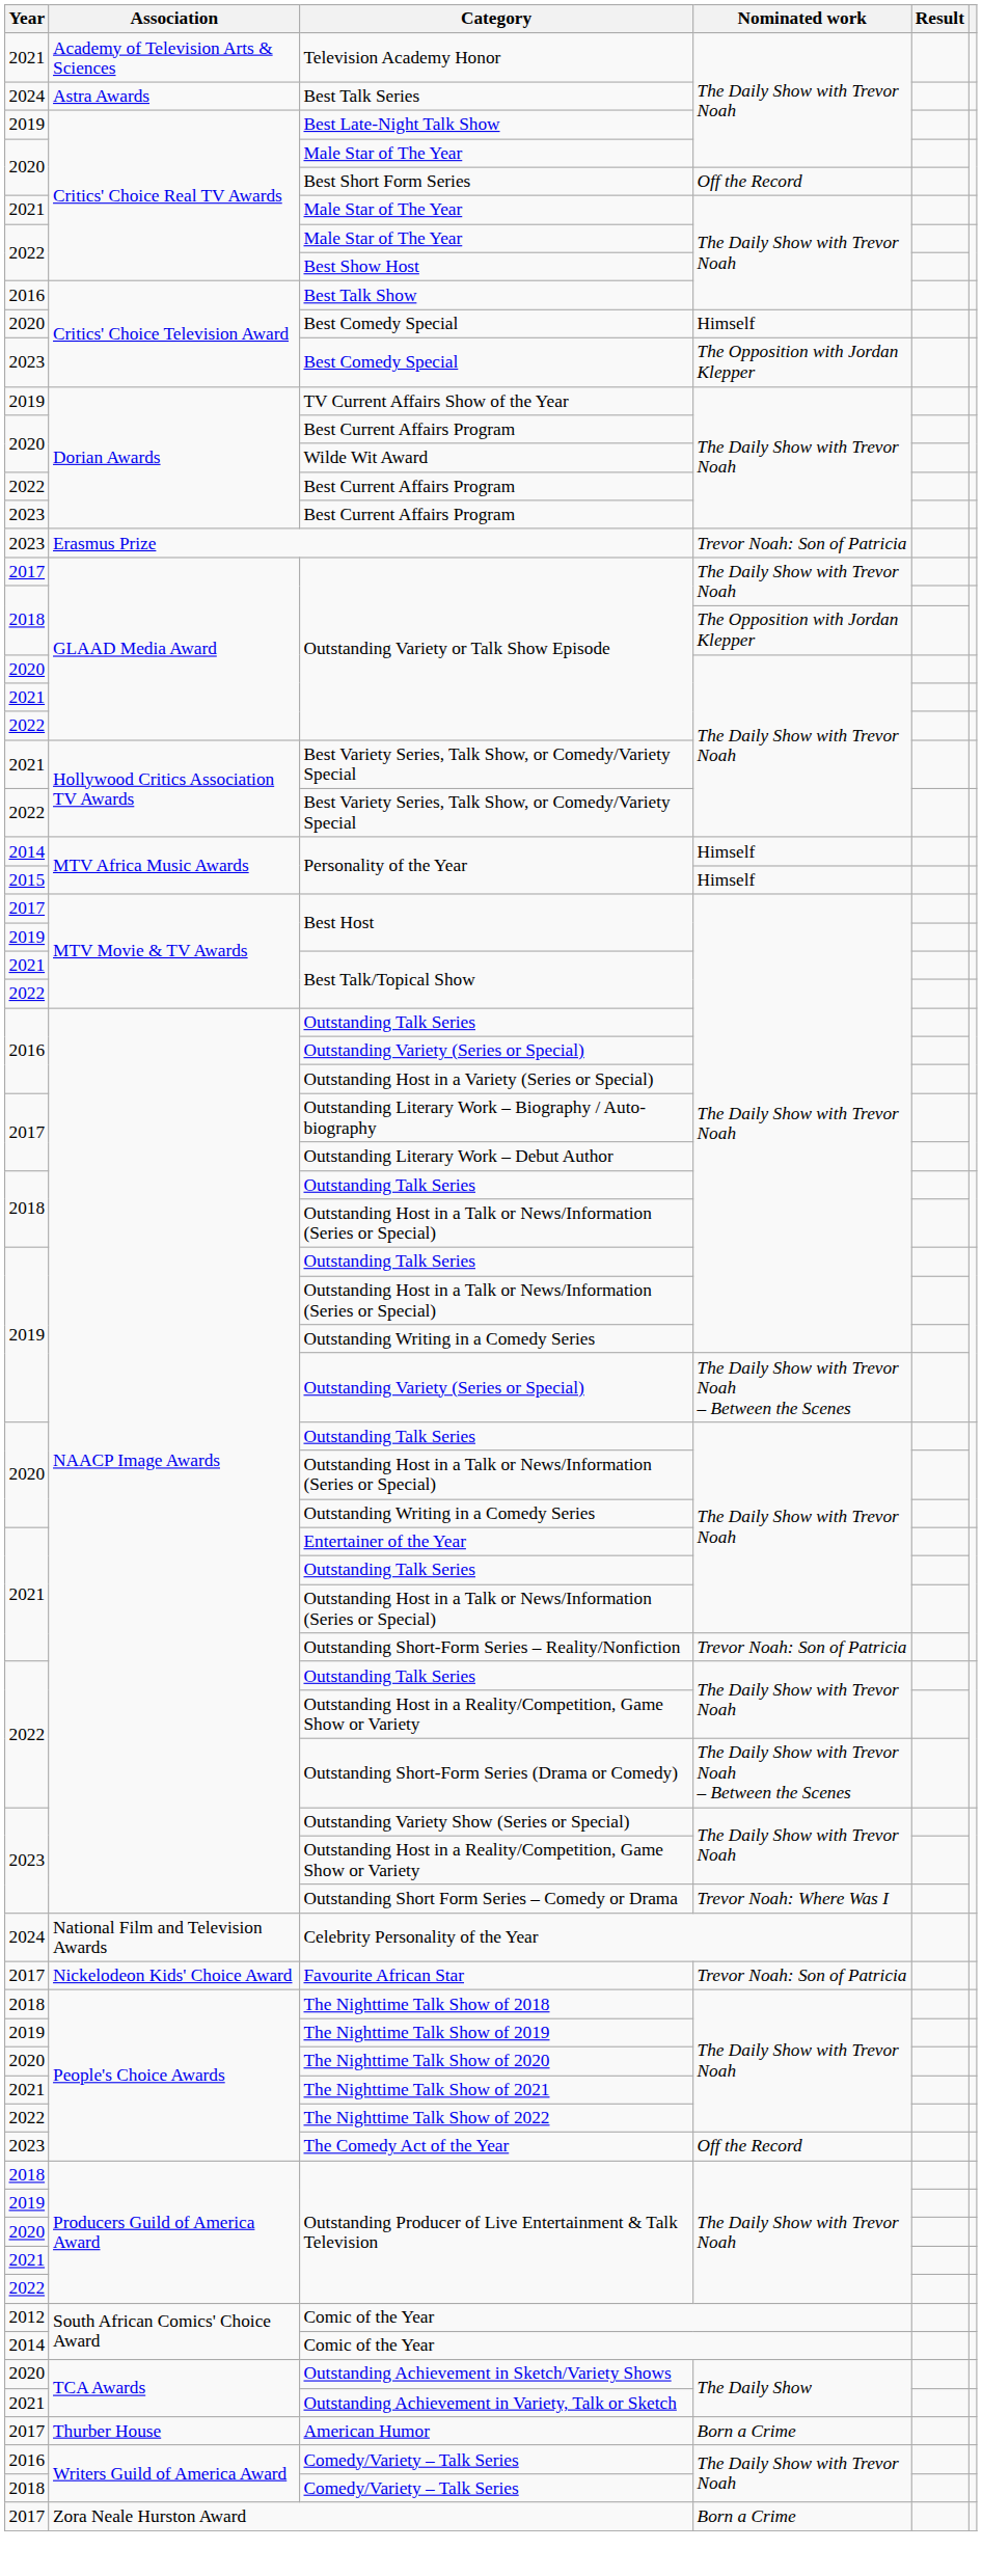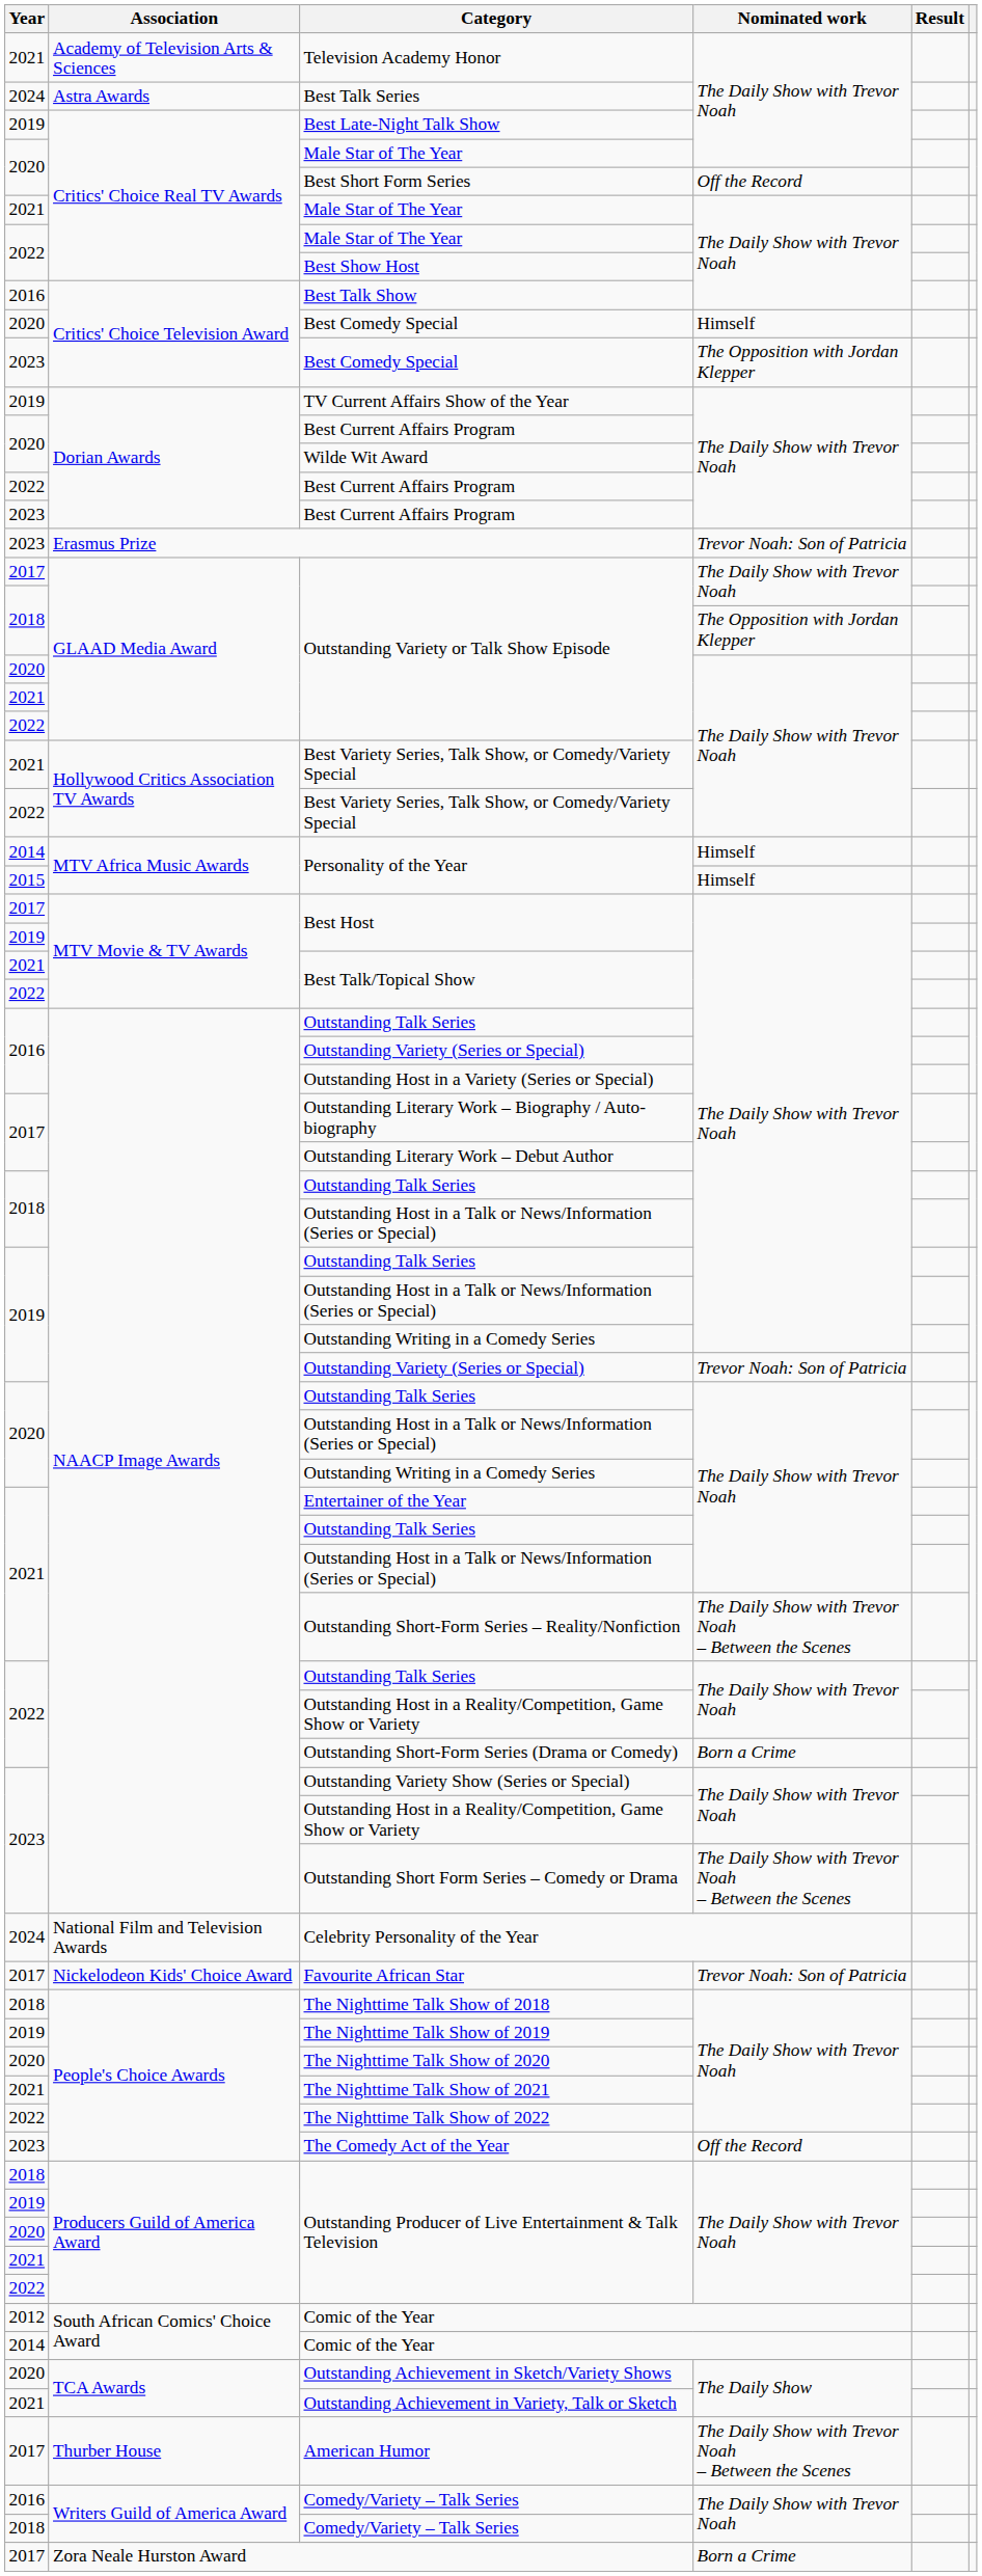 <table class="wikitable sortable plainrowheaders">
 <tr>
 <th scope="col">Year</th>
 <th scope="col">Association</th>
 <th scope="col">Category</th>
 <th scope="col">Nominated work</th>
 <th scope="col">Result</th>
 <th class="unsortable"></th>
 </tr>
 <tr>
 <td style="text-align:center;">2021</td>
 <td><a href='#'>Academy of Television Arts & Sciences</a></td>
 <td>Television Academy Honor</td>
 <td rowspan=4><em>The Daily Show with Trevor Noah</em></td>
 <td></td>
 <td style="text-align:center;"></td>
 </tr>
 <tr>
 <td style="text-align:center;">2024</td>
 <td><a href='#'>Astra Awards</a></td>
 <td>Best Talk Series</td>
 <td></td>
 <td style="text-align:center;"></td>
 </tr>
 <tr>
 <td style="text-align:center;">2019</td>
 <td rowspan=6><a href='#'>Critics' Choice Real TV Awards</a></td>
 <td><a href='#'>Best Late-Night Talk Show</a></td>
 <td></td>
 <td style="text-align:center;"></td>
 </tr>
 <tr>
 <td style="text-align:center;", rowspan=2>2020</td>
 <td><a href='#'>Male Star of The Year</a></td>
 <td></td>
 <td style="text-align:center;" rowspan="2"></td>
 </tr>
 <tr>
 <td>Best Short Form Series</td>
 <td><em>Off the Record</em></td>
 <td></td>
 </tr>
 <tr>
 <td style="text-align:center;">2021</td>
 <td><a href='#'>Male Star of The Year</a></td>
 <td rowspan=4><em>The Daily Show with Trevor Noah</em></td>
 <td></td>
 <td style="text-align:center;"></td>
 </tr>
 <tr>
 <td style="text-align:center;", rowspan=2>2022</td>
 <td><a href='#'>Male Star of The Year</a></td>
 <td></td>
 <td style="text-align:center;" rowspan="2"></td>
 </tr>
 <tr>
 <td><a href='#'>Best Show Host</a></td>
 <td></td>
 </tr>
 <tr>
 <td style="text-align:center;">2016</td>
 <td rowspan=3><a href='#'>Critics' Choice Television Award</a></td>
 <td><a href='#'>Best Talk Show</a></td>
 <td></td>
 <td style="text-align:center;"></td>
 </tr>
 <tr>
 <td style="text-align:center;">2020</td>
 <td>Best Comedy Special</td>
 <td>Himself</td>
 <td></td>
 <td style="text-align:center;"></td>
 </tr>
 <tr>
 <td style="text-align:center;">2023</td>
 <td><a href='#'>Best Comedy Special</a></td>
 <td><em>The Opposition with Jordan Klepper</em></td>
 <td></td>
 <td style="text-align:center;"></td>
 </tr>
 <tr>
 <td style="text-align:center;">2019</td>
 <td rowspan=5><a href='#'>Dorian Awards</a></td>
 <td>TV Current Affairs Show of the Year</td>
 <td rowspan="5"><em>The Daily Show with Trevor Noah</em></td>
 <td></td>
 <td style="text-align:center;"></td>
 </tr>
 <tr>
 <td style="text-align:center;", rowspan=2>2020</td>
 <td>Best Current Affairs Program</td>
 <td></td>
 <td style="text-align:center;" rowspan="2"></td>
 </tr>
 <tr>
 <td>Wilde Wit Award</td>
 <td></td>
 </tr>
 <tr>
 <td style="text-align:center;">2022</td>
 <td>Best Current Affairs Program</td>
 <td></td>
 <td style="text-align:center;"></td>
 </tr>
 <tr>
 <td style="text-align:center;">2023</td>
 <td>Best Current Affairs Program</td>
 <td></td>
 <td style="text-align:center;"></td>
 </tr>
 <tr>
 <td style="text-align:center;">2023</td>
 <td colspan=2><a href='#'>Erasmus Prize</a></td>
 <td><em>Trevor Noah: Son of Patricia</em></td>
 <td></td>
 <td style="text-align:center;"></td>
 </tr>
 <tr>
 <td style="text-align:center;"><a href='#'>2017</a></td>
 <td rowspan=6><a href='#'>GLAAD Media Award</a></td>
 <td rowspan=6>Outstanding Variety or Talk Show Episode</td>
 <td rowspan=2><em>The Daily Show with Trevor Noah</em></td>
 <td></td>
 <td style="text-align:center;"></td>
 </tr>
 <tr>
 <td style="text-align:center;", rowspan="2"><a href='#'>2018</a></td>
 <td></td>
 <td style="text-align:center;" rowspan="2"></td>
 </tr>
 <tr>
 <td><em>The Opposition with Jordan Klepper</em></td>
 <td></td>
 </tr>
 <tr>
 <td style="text-align:center;"><a href='#'>2020</a></td>
 <td rowspan="5"><em>The Daily Show with Trevor Noah</em></td>
 <td></td>
 <td style="text-align:center;"></td>
 </tr>
 <tr>
 <td style="text-align:center;"><a href='#'>2021</a></td>
 <td></td>
 <td style="text-align:center;"></td>
 </tr>
 <tr>
 <td style="text-align:center;"><a href='#'>2022</a></td>
 <td></td>
 <td style="text-align:center;"></td>
 </tr>
 <tr>
 <td style="text-align:center;">2021</td>
 <td rowspan=2><a href='#'>Hollywood Critics Association TV Awards</a></td>
 <td>Best Variety Series, Talk Show, or Comedy/Variety Special</td>
 <td></td>
 <td style="text-align:center;"></td>
 </tr>
 <tr>
 <td style="text-align:center;">2022</td>
 <td>Best Variety Series, Talk Show, or Comedy/Variety Special</td>
 <td></td>
 <td style="text-align:center;"></td>
 </tr>
 <tr>
 <td style="text-align:center;"><a href='#'>2014</a></td>
 <td rowspan="2"><a href='#'>MTV Africa Music Awards</a></td>
 <td rowspan=2>Personality of the Year</td>
 <td>Himself</td>
 <td></td>
 <td align=center></td>
 </tr>
 <tr>
 <td style="text-align:center;"><a href='#'>2015</a></td>
 <td>Himself</td>
 <td></td>
 <td align=center></td>
 </tr>
 <tr>
 <td style="text-align:center;"><a href='#'>2017</a></td>
 <td rowspan=4><a href='#'>MTV Movie & TV Awards</a></td>
 <td rowspan=2>Best Host</td>
 <td rowspan=14><em>The Daily Show with Trevor Noah</em></td>
 <td></td>
 <td style="text-align:center;"></td>
 </tr>
 <tr>
 <td style="text-align:center;"><a href='#'>2019</a></td>
 <td></td>
 <td style="text-align:center;"></td>
 </tr>
 <tr>
 <td style="text-align:center;"><a href='#'>2021</a></td>
 <td rowspan=2>Best Talk/Topical Show</td>
 <td></td>
 <td style="text-align:center;"></td>
 </tr>
 <tr>
 <td style="text-align:center;"><a href='#'>2022</a></td>
 <td></td>
 <td style="text-align:center;"></td>
 </tr>
 <tr>
 <td style="text-align:center;", rowspan="3">2016</td>
 <td rowspan="24"><a href='#'>NAACP Image Awards</a></td>
 <td><a href='#'>Outstanding Talk Series</a></td>
 <td></td>
 <td style="text-align:center;" rowspan="3"></td>
 </tr>
 <tr>
 <td><a href='#'>Outstanding Variety (Series or Special)</a></td>
 <td></td>
 </tr>
 <tr>
 <td>Outstanding Host in a Variety (Series or Special)</td>
 <td></td>
 </tr>
 <tr>
 <td style="text-align:center;", rowspan=2>2017</td>
 <td>Outstanding Literary Work – Biography / Auto-biography</td>
 <td></td>
 <td style="text-align:center;" rowspan="2"></td>
 </tr>
 <tr>
 <td>Outstanding Literary Work – Debut Author</td>
 <td></td>
 </tr>
 <tr>
 <td style="text-align:center;", rowspan=2>2018</td>
 <td><a href='#'>Outstanding Talk Series</a></td>
 <td></td>
 <td style="text-align:center;" rowspan="2"></td>
 </tr>
 <tr>
 <td>Outstanding Host in a Talk or News/Information (Series or Special)</td>
 <td></td>
 </tr>
 <tr>
 <td style="text-align:center;", rowspan=4>2019</td>
 <td><a href='#'>Outstanding Talk Series</a></td>
 <td></td>
 <td style="text-align:center;" rowspan="4"></td>
 </tr>
 <tr>
 <td>Outstanding Host in a Talk or News/Information (Series or Special)</td>
 <td></td>
 </tr>
 <tr>
 <td>Outstanding Writing in a Comedy Series</td>
 <td></td>
 </tr>
 <tr>
 <td><a href='#'>Outstanding Variety (Series or Special)</a></td>
-<td><em>The Daily Show with Trevor Noah <br> – Between the Scenes</em></td>
+<td><em>Trevor Noah: Son of Patricia</em></td>
 <td></td>
 </tr>
 <tr>
 <td style="text-align:center;", rowspan=3>2020</td>
 <td><a href='#'>Outstanding Talk Series</a></td>
 <td rowspan="6"><em>The Daily Show with Trevor Noah</em></td>
 <td></td>
 <td style="text-align:center;" rowspan="3"></td>
 </tr>
 <tr>
 <td>Outstanding Host in a Talk or News/Information (Series or Special)</td>
 <td></td>
 </tr>
 <tr>
 <td>Outstanding Writing in a Comedy Series</td>
 <td></td>
 </tr>
 <tr>
 <td style="text-align:center;", rowspan=4>2021</td>
 <td colspan="2"><a href='#'>Entertainer of the Year</a></td>
 <td></td>
 <td style="text-align:center;" rowspan="4"></td>
 </tr>
 <tr>
 <td><a href='#'>Outstanding Talk Series</a></td>
 <td></td>
 </tr>
 <tr>
 <td>Outstanding Host in a Talk or News/Information (Series or Special)</td>
 <td></td>
 </tr>
 <tr>
 <td>Outstanding Short-Form Series – Reality/Nonfiction</td>
-<td><em>Trevor Noah: Son of Patricia</em></td>
+<td><em>The Daily Show with Trevor Noah <br> – Between the Scenes</em></td>
 <td></td>
 </tr>
 <tr>
 <td style="text-align:center;", rowspan=3>2022</td>
 <td><a href='#'>Outstanding Talk Series</a></td>
 <td rowspan="2"><em>The Daily Show with Trevor Noah</em></td>
 <td></td>
 <td style="text-align:center;" rowspan="3"></td>
 </tr>
 <tr>
 <td>Outstanding Host in a Reality/Competition, Game Show or Variety</td>
 <td></td>
 </tr>
 <tr>
 <td>Outstanding Short-Form Series (Drama or Comedy)</td>
-<td><em>The Daily Show with Trevor Noah <br> – Between the Scenes</em></td>
+<td><em>Born a Crime</em></td>
 <td></td>
 </tr>
 <tr>
 <td style="text-align:center;", rowspan=3>2023</td>
 <td>Outstanding Variety Show (Series or Special)</td>
 <td rowspan="2"><em>The Daily Show with Trevor Noah</em></td>
 <td></td>
 <td style="text-align:center;" rowspan="3"></td>
 </tr>
 <tr>
 <td>Outstanding Host in a Reality/Competition, Game Show or Variety</td>
 <td></td>
 </tr>
 <tr>
 <td>Outstanding Short Form Series – Comedy or Drama</td>
-<td><em>Trevor Noah: Where Was I</em></td>
+<td><em>The Daily Show with Trevor Noah <br> – Between the Scenes</em></td>
 <td></td>
 </tr>
 <tr>
 <td style="text-align:center;">2024</td>
 <td>National Film and Television Awards</td>
 <td colspan="2">Celebrity Personality of the Year</td>
 <td></td>
 <td style="text-align:center;"></td>
 </tr>
 <tr>
 <td style="text-align:center;">2017</td>
 <td><a href='#'>Nickelodeon Kids' Choice Award</a></td>
 <td><a href='#'>Favourite African Star</a></td>
 <td><em>Trevor Noah: Son of Patricia</em></td>
 <td></td>
 <td style="text-align:center;"></td>
 </tr>
 <tr>
 <td style="text-align:center;">2018</td>
 <td rowspan=6><a href='#'>People's Choice Awards</a></td>
 <td><a href='#'>The Nighttime Talk Show of 2018</a></td>
 <td rowspan="5"><em>The Daily Show with Trevor Noah</em></td>
 <td></td>
 <td style="text-align:center;"></td>
 </tr>
 <tr>
 <td style="text-align:center;">2019</td>
 <td><a href='#'>The Nighttime Talk Show of 2019</a></td>
 <td></td>
 <td style="text-align:center;"></td>
 </tr>
 <tr>
 <td style="text-align:center;">2020</td>
 <td><a href='#'>The Nighttime Talk Show of 2020</a></td>
 <td></td>
 <td style="text-align:center;"></td>
 </tr>
 <tr>
 <td style="text-align:center;">2021</td>
 <td><a href='#'>The Nighttime Talk Show of 2021</a></td>
 <td></td>
 <td style="text-align:center;"></td>
 </tr>
 <tr>
 <td style="text-align:center;">2022</td>
 <td><a href='#'>The Nighttime Talk Show of 2022</a></td>
 <td></td>
 <td style="text-align:center;"></td>
 </tr>
 <tr>
 <td style="text-align:center;">2023</td>
 <td><a href='#'>The Comedy Act of the Year</a></td>
 <td><em>Off the Record</em></td>
 <td></td>
 <td style="text-align:center;"></td>
 </tr>
 <tr>
 <td style="text-align:center;"><a href='#'>2018</a></td>
 <td rowspan=5><a href='#'>Producers Guild of America Award</a></td>
 <td rowspan=5>Outstanding Producer of Live Entertainment & Talk Television</td>
 <td rowspan=5><em>The Daily Show with Trevor Noah</em></td>
 <td></td>
 <td style="text-align:center;"></td>
 </tr>
 <tr>
 <td style="text-align:center;"><a href='#'>2019</a></td>
 <td></td>
 <td style="text-align:center;"></td>
 </tr>
 <tr>
 <td style="text-align:center;"><a href='#'>2020</a></td>
 <td></td>
 <td style="text-align:center;"></td>
 </tr>
 <tr>
 <td style="text-align:center;"><a href='#'>2021</a></td>
 <td></td>
 <td style="text-align:center;"></td>
 </tr>
 <tr>
 <td style="text-align:center;"><a href='#'>2022</a></td>
 <td></td>
 <td style="text-align:center;"></td>
 </tr>
 <tr>
 <td style="text-align:center;">2012</td>
 <td rowspan="2">South African Comics' Choice Award</td>
 <td colspan="2">Comic of the Year</td>
 <td></td>
 <td style="text-align:center;"></td>
 </tr>
 <tr>
 <td style="text-align:center;">2014</td>
 <td colspan="2">Comic of the Year</td>
 <td></td>
 <td align=center></td>
 </tr>
 <tr>
 <td style="text-align:center;">2020</td>
 <td rowspan=2><a href='#'>TCA Awards</a></td>
 <td><a href='#'>Outstanding Achievement in Sketch/Variety Shows</a></td>
 <td rowspan=2><em>The Daily Show</em></td>
 <td></td>
 <td style="text-align:center;"></td>
 </tr>
 <tr>
 <td style="text-align:center;">2021</td>
 <td><a href='#'>Outstanding Achievement in Variety, Talk or Sketch</a></td>
 <td></td>
 <td style="text-align:center;"></td>
 </tr>
 <tr>
 <td style="text-align:center;">2017</td>
 <td><a href='#'>Thurber House</a></td>
 <td><a href='#'>American Humor</a></td>
-<td><em>Born a Crime</em></td>
+<td><em>The Daily Show with Trevor Noah <br> – Between the Scenes</em></td>
 <td></td>
 <td style="text-align:center;"></td>
 </tr>
 <tr>
 <td style="text-align:center;">2016</td>
 <td rowspan=2><a href='#'>Writers Guild of America Award</a></td>
 <td><a href='#'>Comedy/Variety – Talk Series</a></td>
 <td rowspan="2"><em>The Daily Show with Trevor Noah</em></td>
 <td></td>
 <td style="text-align:center;"></td>
 </tr>
 <tr>
 <td style="text-align:center;">2018</td>
 <td><a href='#'>Comedy/Variety – Talk Series</a></td>
 <td></td>
 <td style="text-align:center;"></td>
 </tr>
 <tr>
 <td style="text-align:center;">2017</td>
 <td colspan=2>Zora Neale Hurston Award</td>
 <td><em>Born a Crime</em></td>
 <td></td>
 <td style="text-align:center;"></td>
 </tr>
 <tr>
 </tr>
 </table>
